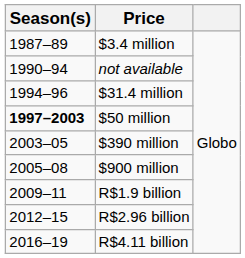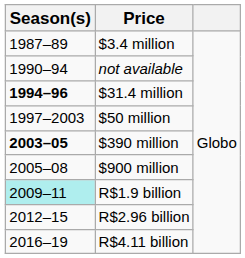 <table class="wikitable" style="float:right">
 <tr style="font-size:85%">
 <th>Season(s)</th>
 <th>Price</th>
 <th></th>
 </tr>
 <tr style="font-size:75%">
 <td>1987–89</td>
 <td>$3.4 million</td>
 <td rowspan="9">Globo</td>
 </tr>
 <tr style="font-size:75%">
 <td>1990–94</td>
 <td><em>not available</em></td>
 </tr>
 <tr style="font-size:75%">
-<td>1994–96</td>
+<td><strong>1994–96</strong></td>
 <td>$31.4 million</td>
 </tr>
 <tr style="font-size:75%">
-<td><strong>1997–2003</strong></td>
+<td>1997–2003</td>
 <td>$50 million</td>
 </tr>
 <tr style="font-size:75%">
-<td>2003–05</td>
+<td><strong>2003–05</strong></td>
 <td>$390 million</td>
 </tr>
 <tr style="font-size:75%">
 <td>2005–08</td>
 <td>$900 million</td>
 </tr>
 <tr style="font-size:75%">
-<td>2009–11</td>
+<td style="background: paleturquoise;">2009–11</td>
 <td>R$1.9 billion</td>
 </tr>
 <tr style="font-size:75%">
 <td>2012–15</td>
 <td>R$2.96 billion</td>
 </tr>
 <tr style="font-size:75%">
 <td>2016–19</td>
 <td>R$4.11 billion</td>
 </tr>
 </table>
